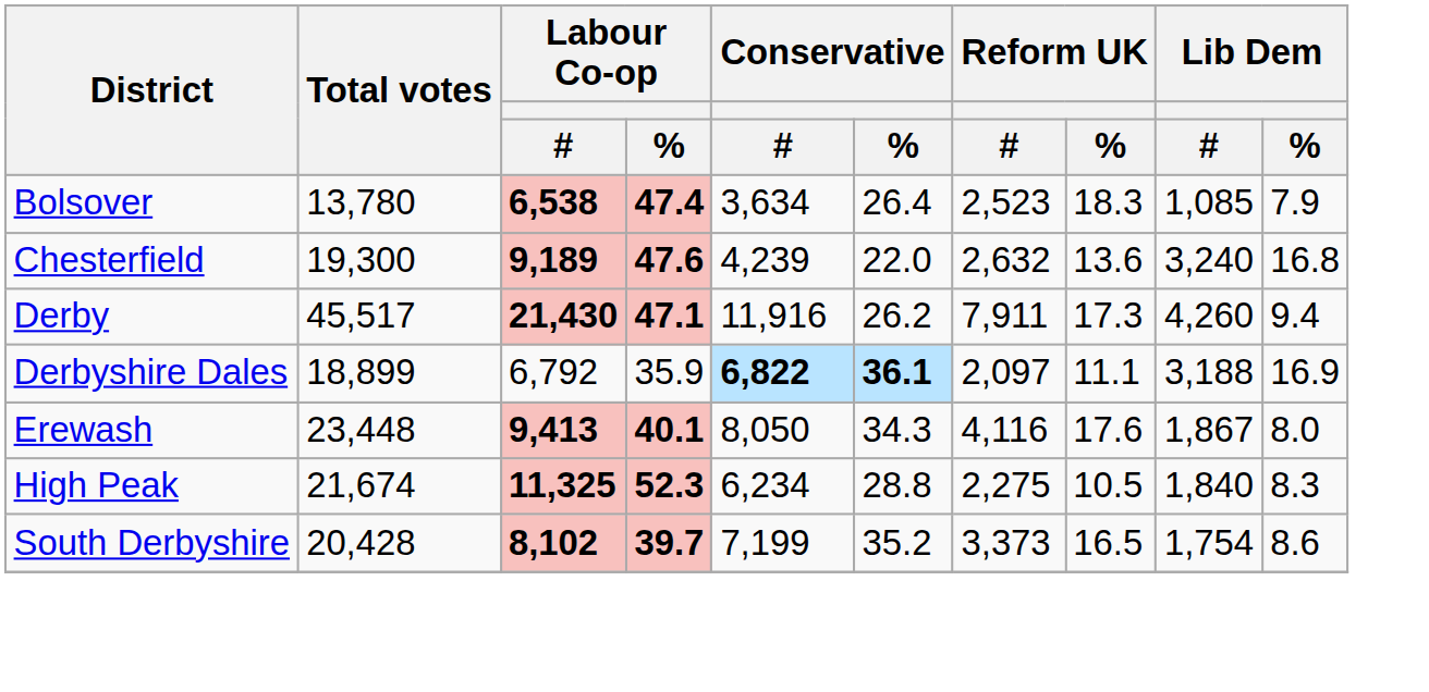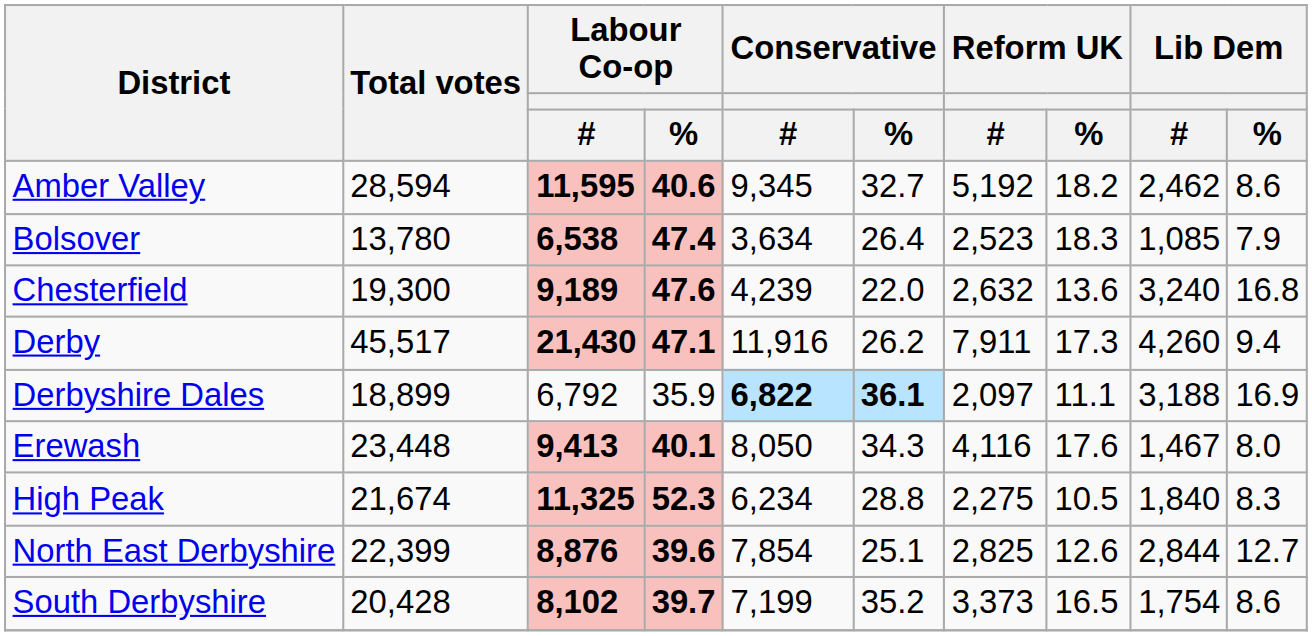 <table class="wikitable sortable">
 <tr>
 <th rowspan=3>District</th>
 <th rowspan=3>Total votes</th>
 <th colspan="2">Labour<br>Co-op</th>
 <th colspan="2">Conservative</th>
 <th colspan="2">Reform UK</th>
 <th colspan="2">Lib Dem</th>
 </tr>
 <tr>
 <th colspan="2" style="background:"></th>
 <th colspan="2" style="background:"></th>
 <th colspan="2" style="background:"></th>
 <th colspan="2" style="background:"></th>
 </tr>
 <tr>
 <th>#</th>
 <th>%</th>
 <th>#</th>
 <th>%</th>
 <th>#</th>
 <th>%</th>
 <th>#</th>
 <th>%</th>
+</tr>
+<tr>
+<td><a href='#'>Amber Valley</a></td>
+<td>28,594</td>
+<td style="background:#F8C1BE;"><strong>11,595</strong></td>
+<td style="background:#F8C1BE;"><strong>40.6</strong></td>
+<td>9,345</td>
+<td>32.7</td>
+<td>5,192</td>
+<td>18.2</td>
+<td>2,462</td>
+<td>8.6</td>
 </tr>
 <tr>
 <td><a href='#'>Bolsover</a></td>
 <td>13,780</td>
 <td style="background:#F8C1BE;"><strong>6,538</strong></td>
 <td style="background:#F8C1BE;"><strong>47.4</strong></td>
 <td>3,634</td>
 <td>26.4</td>
 <td>2,523</td>
 <td>18.3</td>
 <td>1,085</td>
 <td>7.9</td>
 </tr>
 <tr>
 <td><a href='#'>Chesterfield</a></td>
 <td>19,300</td>
 <td style="background:#F8C1BE;"><strong>9,189</strong></td>
 <td style="background:#F8C1BE;"><strong>47.6</strong></td>
 <td>4,239</td>
 <td>22.0</td>
 <td>2,632</td>
 <td>13.6</td>
 <td>3,240</td>
 <td>16.8</td>
 </tr>
 <tr>
 <td><a href='#'>Derby</a></td>
 <td>45,517</td>
 <td style="background:#F8C1BE;"><strong>21,430</strong></td>
 <td style="background:#F8C1BE;"><strong>47.1</strong></td>
 <td>11,916</td>
 <td>26.2</td>
 <td>7,911</td>
 <td>17.3</td>
 <td>4,260</td>
 <td>9.4</td>
 </tr>
 <tr>
 <td><a href='#'>Derbyshire Dales</a></td>
 <td>18,899</td>
 <td>6,792</td>
 <td>35.9</td>
 <td style="background:#B9E4FF;"><strong>6,822</strong></td>
 <td style="background:#B9E4FF;"><strong>36.1</strong></td>
 <td>2,097</td>
 <td>11.1</td>
 <td>3,188</td>
 <td>16.9</td>
 </tr>
 <tr>
 <td><a href='#'>Erewash</a></td>
 <td>23,448</td>
 <td style="background:#F8C1BE;"><strong>9,413</strong></td>
 <td style="background:#F8C1BE;"><strong>40.1</strong></td>
 <td>8,050</td>
 <td>34.3</td>
 <td>4,116</td>
 <td>17.6</td>
-<td>1,867</td>
+<td>1,467</td>
 <td>8.0</td>
 </tr>
 <tr>
 <td><a href='#'>High Peak</a></td>
 <td>21,674</td>
 <td style="background:#F8C1BE;"><strong>11,325</strong></td>
 <td style="background:#F8C1BE;"><strong>52.3</strong></td>
 <td>6,234</td>
 <td>28.8</td>
 <td>2,275</td>
 <td>10.5</td>
 <td>1,840</td>
 <td>8.3</td>
+</tr>
+<tr>
+<td><a href='#'>North East Derbyshire</a></td>
+<td>22,399</td>
+<td style="background:#F8C1BE;"><strong>8,876</strong></td>
+<td style="background:#F8C1BE;"><strong>39.6</strong></td>
+<td>7,854</td>
+<td>25.1</td>
+<td>2,825</td>
+<td>12.6</td>
+<td>2,844</td>
+<td>12.7</td>
 </tr>
 <tr>
 <td><a href='#'>South Derbyshire</a></td>
 <td>20,428</td>
 <td style="background:#F8C1BE;"><strong>8,102</strong></td>
 <td style="background:#F8C1BE;"><strong>39.7</strong></td>
 <td>7,199</td>
 <td>35.2</td>
 <td>3,373</td>
 <td>16.5</td>
 <td>1,754</td>
 <td>8.6</td>
 </tr>
 <tr>
 </tr>
 </table>
